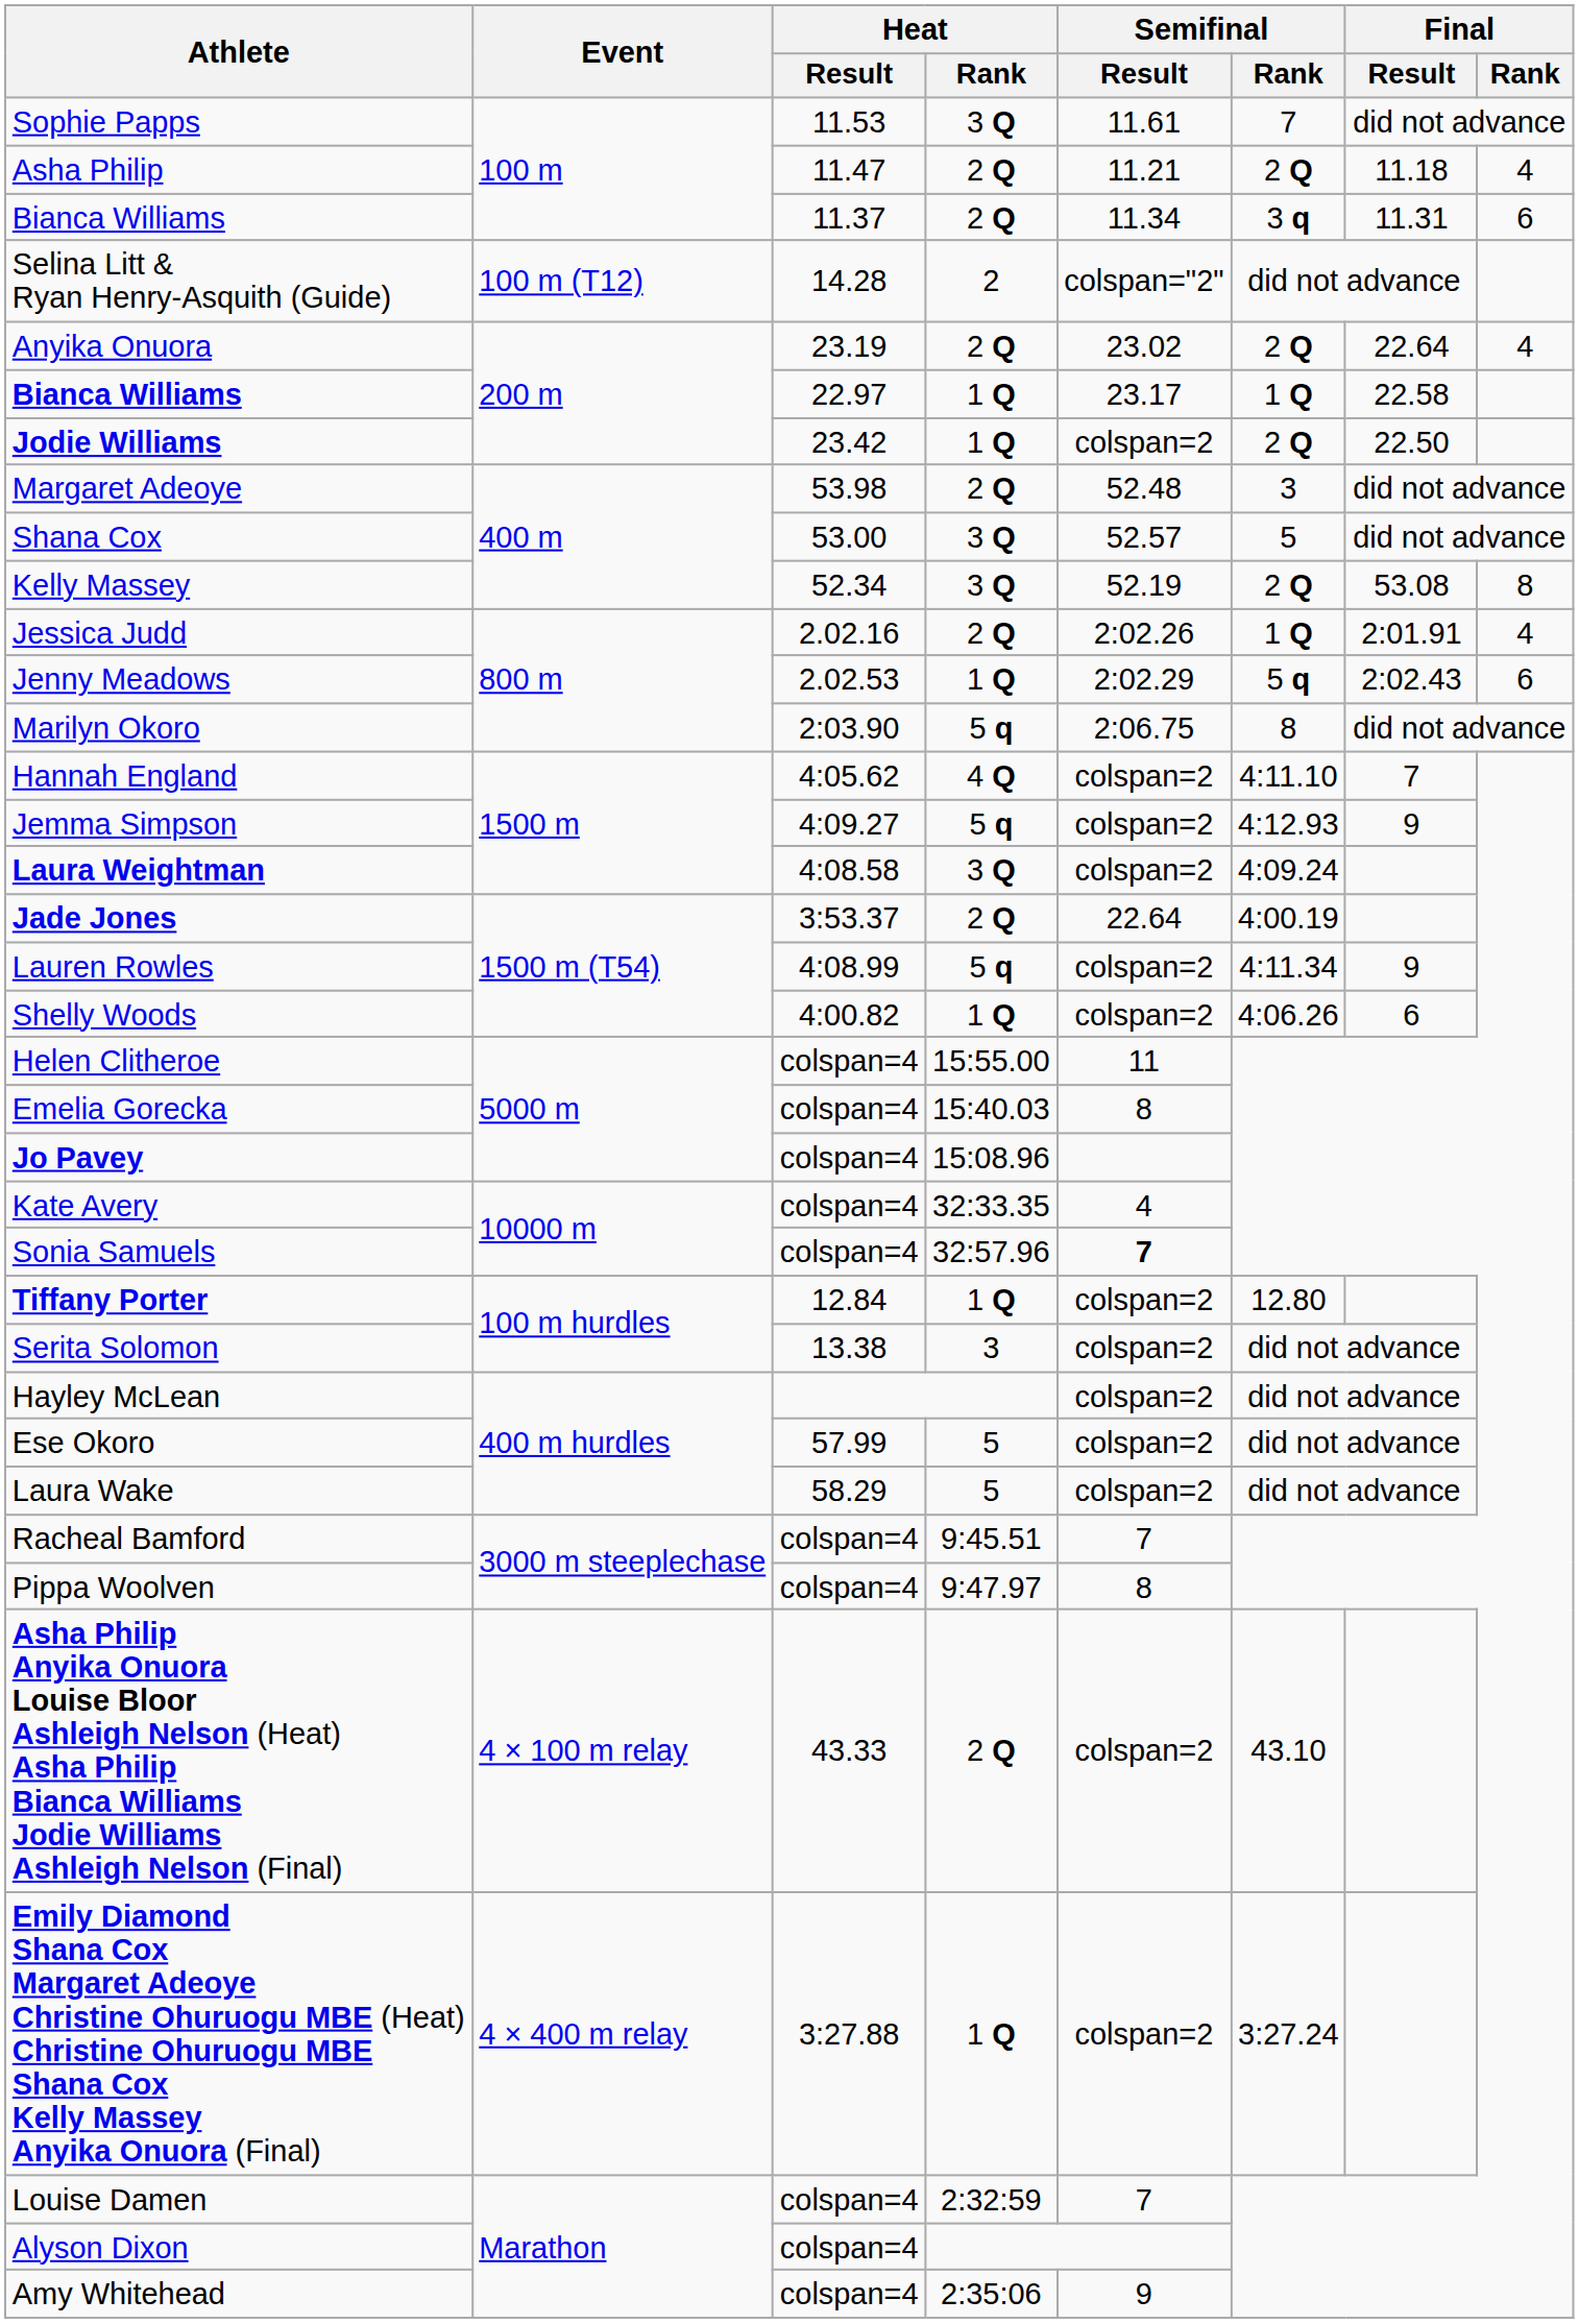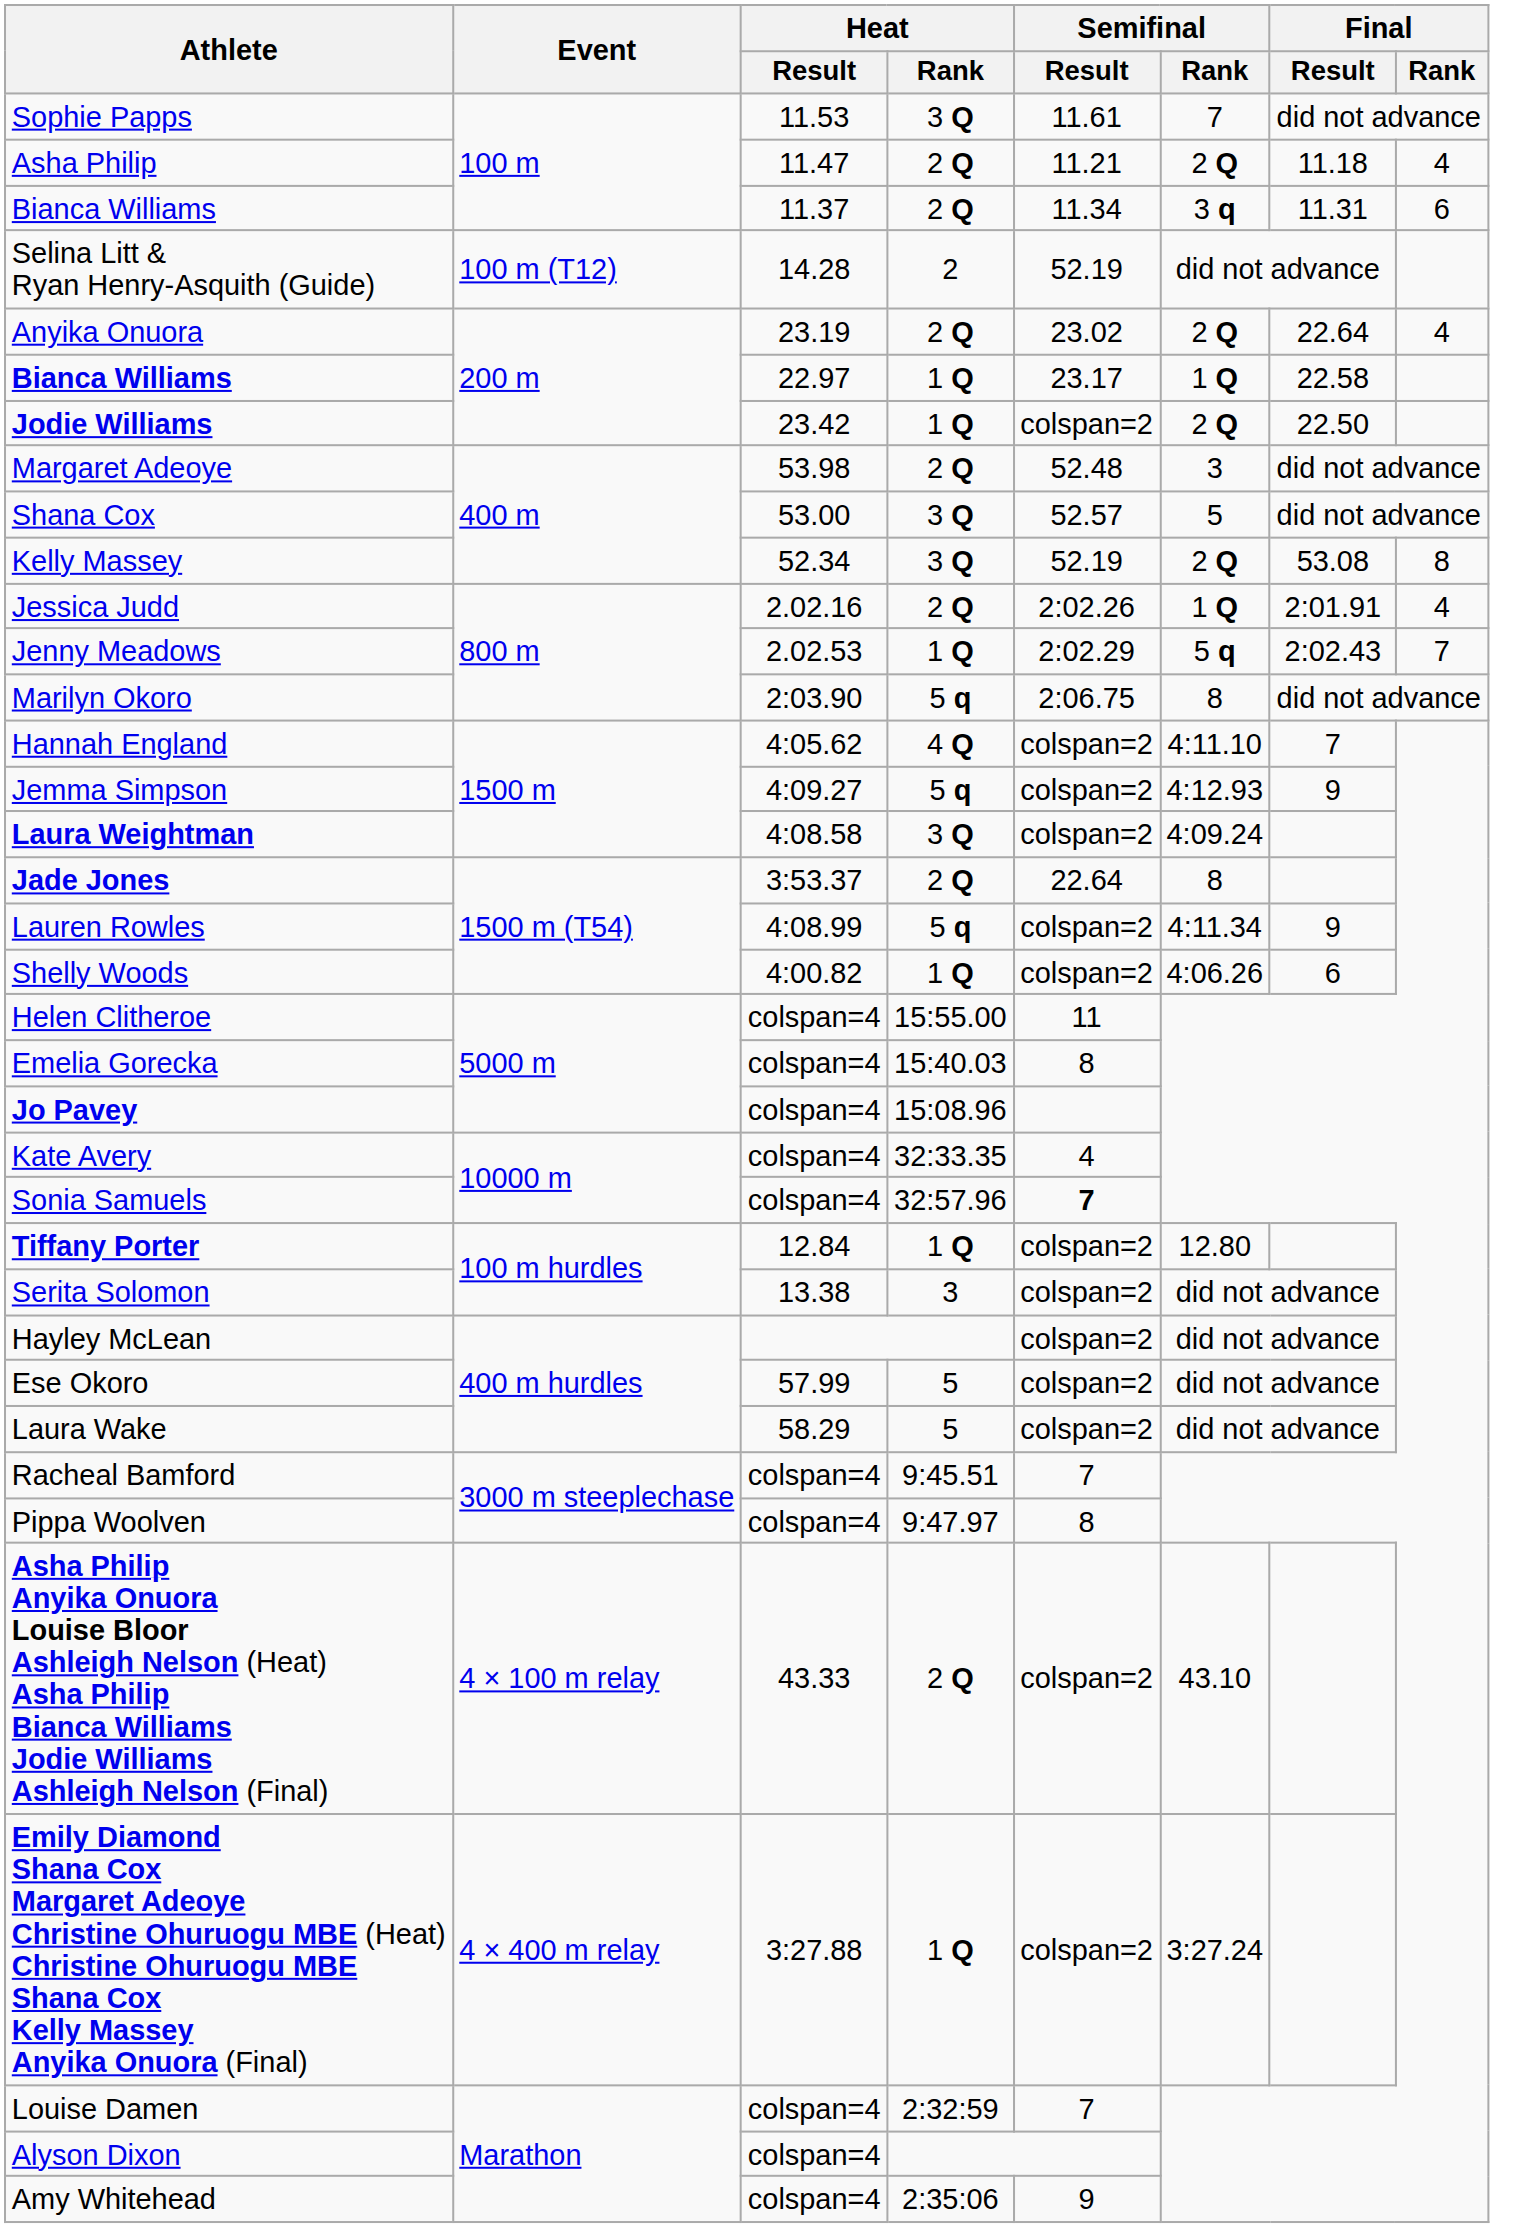 <table class="wikitable" style="font-size:90%">
 <tr>
 <th rowspan=2>Athlete</th>
 <th rowspan=2>Event</th>
 <th colspan=2>Heat</th>
 <th colspan=2>Semifinal</th>
 <th colspan=2>Final</th>
 </tr>
 <tr style="font-size:95%">
 <th>Result</th>
 <th>Rank</th>
 <th>Result</th>
 <th>Rank</th>
 <th>Result</th>
 <th>Rank</th>
 </tr>
 <tr align=center>
 <td align=left><a href='#'>Sophie Papps</a></td>
 <td style="text-align:left;" rowspan="3"><a href='#'>100 m</a></td>
 <td>11.53</td>
 <td>3 <strong>Q</strong></td>
 <td>11.61</td>
 <td>7</td>
 <td colspan=2>did not advance</td>
 </tr>
 <tr align=center>
 <td align=left><a href='#'>Asha Philip</a></td>
 <td>11.47</td>
 <td>2 <strong>Q</strong></td>
 <td>11.21</td>
 <td>2 <strong>Q</strong></td>
 <td>11.18</td>
 <td>4</td>
 </tr>
 <tr align=center>
 <td align=left><a href='#'>Bianca Williams</a></td>
 <td>11.37</td>
 <td>2 <strong>Q</strong></td>
 <td>11.34</td>
 <td>3 <strong>q</strong></td>
 <td>11.31</td>
 <td>6</td>
 </tr>
 <tr align=center>
 <td align=left>Selina Litt &<br> Ryan Henry-Asquith (Guide)</td>
 <td align=left><a href='#'>100 m (T12)</a></td>
 <td>14.28</td>
 <td>2</td>
-<td>colspan="2" </td>
+<td>52.19</td>
 <td colspan=2>did not advance</td>
 </tr>
 <tr align=center>
 <td align=left><a href='#'>Anyika Onuora</a></td>
 <td style="text-align:left;" rowspan="3"><a href='#'>200 m</a></td>
 <td>23.19</td>
 <td>2 <strong>Q</strong></td>
 <td>23.02</td>
 <td>2 <strong>Q</strong></td>
 <td>22.64</td>
 <td>4</td>
 </tr>
 <tr align=center>
 <td align=left><strong><a href='#'>Bianca Williams</a></strong></td>
 <td>22.97</td>
 <td>1 <strong>Q</strong></td>
 <td>23.17</td>
 <td>1 <strong>Q</strong></td>
 <td>22.58</td>
 <td></td>
 </tr>
 <tr align=center>
 <td align=left><strong><a href='#'>Jodie Williams</a></strong></td>
 <td>23.42</td>
 <td>1 <strong>Q</strong></td>
 <td>colspan=2 </td>
 <td>2 <strong>Q</strong></td>
 <td>22.50</td>
 <td></td>
 </tr>
 <tr align=center>
 <td align=left><a href='#'>Margaret Adeoye</a></td>
 <td style="text-align:left;" rowspan="3"><a href='#'>400 m</a></td>
 <td>53.98</td>
 <td>2 <strong>Q</strong></td>
 <td>52.48</td>
 <td>3</td>
 <td colspan=2>did not advance</td>
 </tr>
 <tr align=center>
 <td align=left><a href='#'>Shana Cox</a></td>
 <td>53.00</td>
 <td>3 <strong>Q</strong></td>
 <td>52.57</td>
 <td>5</td>
 <td colspan=2>did not advance</td>
 </tr>
 <tr align=center>
 <td align=left><a href='#'>Kelly Massey</a></td>
 <td>52.34</td>
 <td>3 <strong>Q</strong></td>
 <td>52.19</td>
 <td>2 <strong>Q</strong></td>
 <td>53.08</td>
 <td>8</td>
 </tr>
 <tr align=center>
 <td align=left><a href='#'>Jessica Judd</a></td>
 <td style="text-align:left;" rowspan="3"><a href='#'>800 m</a></td>
 <td>2.02.16</td>
 <td>2 <strong>Q</strong></td>
 <td>2:02.26</td>
 <td>1 <strong>Q</strong></td>
 <td>2:01.91</td>
 <td>4</td>
 </tr>
 <tr align=center>
 <td align=left><a href='#'>Jenny Meadows</a></td>
 <td>2.02.53</td>
 <td>1 <strong>Q</strong></td>
 <td>2:02.29</td>
 <td>5 <strong>q</strong></td>
 <td>2:02.43</td>
-<td>6</td>
+<td>7</td>
 </tr>
 <tr align=center>
 <td align=left><a href='#'>Marilyn Okoro</a></td>
 <td>2:03.90</td>
 <td>5 <strong>q</strong></td>
 <td>2:06.75</td>
 <td>8</td>
 <td colspan=2>did not advance</td>
 </tr>
 <tr align=center>
 <td align=left><a href='#'>Hannah England</a></td>
 <td style="text-align:left;" rowspan="3"><a href='#'>1500 m</a></td>
 <td>4:05.62</td>
 <td>4 <strong>Q</strong></td>
 <td>colspan=2 </td>
 <td>4:11.10</td>
 <td>7</td>
 </tr>
 <tr align=center>
 <td align=left><a href='#'>Jemma Simpson</a></td>
 <td>4:09.27</td>
 <td>5 <strong>q</strong></td>
 <td>colspan=2 </td>
 <td>4:12.93</td>
 <td>9</td>
 </tr>
 <tr align=center>
 <td align=left><strong><a href='#'>Laura Weightman</a></strong></td>
 <td>4:08.58</td>
 <td>3 <strong>Q</strong></td>
 <td>colspan=2 </td>
 <td>4:09.24</td>
 <td></td>
 </tr>
 <tr align=center>
 <td align=left><strong><a href='#'>Jade Jones</a></strong></td>
 <td style="text-align:left;" rowspan="3"><a href='#'>1500 m (T54)</a></td>
 <td>3:53.37</td>
 <td>2 <strong>Q</strong></td>
 <td>22.64</td>
-<td>4:00.19</td>
+<td>8</td>
 <td></td>
 </tr>
 <tr align=center>
 <td align=left><a href='#'>Lauren Rowles</a></td>
 <td>4:08.99</td>
 <td>5 <strong>q</strong></td>
 <td>colspan=2 </td>
 <td>4:11.34</td>
 <td>9</td>
 </tr>
 <tr align=center>
 <td align=left><a href='#'>Shelly Woods</a></td>
 <td>4:00.82</td>
 <td>1 <strong>Q</strong></td>
 <td>colspan=2 </td>
 <td>4:06.26</td>
 <td>6</td>
 </tr>
 <tr align=center>
 <td align=left><a href='#'>Helen Clitheroe</a></td>
 <td style="text-align:left;" rowspan="3"><a href='#'>5000 m</a></td>
 <td>colspan=4 </td>
 <td>15:55.00</td>
 <td>11</td>
 </tr>
 <tr align=center>
 <td align=left><a href='#'>Emelia Gorecka</a></td>
 <td>colspan=4 </td>
 <td>15:40.03</td>
 <td>8</td>
 </tr>
 <tr align=center>
 <td align=left><strong><a href='#'>Jo Pavey</a></strong></td>
 <td>colspan=4 </td>
 <td>15:08.96</td>
 <td></td>
 </tr>
 <tr align=center>
 <td align=left><a href='#'>Kate Avery</a></td>
 <td style="text-align:left;" rowspan="2"><a href='#'>10000 m</a></td>
 <td>colspan=4 </td>
 <td>32:33.35</td>
 <td>4</td>
 </tr>
 <tr align=center>
 <td align=left><a href='#'>Sonia Samuels</a></td>
 <td>colspan=4 </td>
 <td>32:57.96</td>
 <td><strong>7</strong></td>
 </tr>
 <tr align=center>
 <td align=left><strong><a href='#'>Tiffany Porter</a></strong></td>
 <td style="text-align:left;" rowspan="2"><a href='#'>100 m hurdles</a></td>
 <td>12.84</td>
 <td>1 <strong>Q</strong></td>
 <td>colspan=2 </td>
 <td>12.80</td>
 <td></td>
 </tr>
 <tr align=center>
 <td align=left><a href='#'>Serita Solomon</a></td>
 <td>13.38</td>
 <td>3</td>
 <td>colspan=2 </td>
 <td colspan=2>did not advance</td>
 </tr>
 <tr align=center>
 <td align=left>Hayley McLean</td>
 <td style="text-align:left;" rowspan="3"><a href='#'>400 m hurdles</a></td>
 <td colspan=2></td>
 <td>colspan=2 </td>
 <td colspan=2>did not advance</td>
 </tr>
 <tr align=center>
 <td align=left>Ese Okoro</td>
 <td>57.99</td>
 <td>5</td>
 <td>colspan=2 </td>
 <td colspan=2>did not advance</td>
 </tr>
 <tr align=center>
 <td align=left>Laura Wake</td>
 <td>58.29</td>
 <td>5</td>
 <td>colspan=2 </td>
 <td colspan=2>did not advance</td>
 </tr>
 <tr align=center>
 <td align=left>Racheal Bamford</td>
 <td style="text-align:left;" rowspan="2"><a href='#'>3000 m steeplechase</a></td>
 <td>colspan=4 </td>
 <td>9:45.51</td>
 <td>7</td>
 </tr>
 <tr align=center>
 <td align=left>Pippa Woolven</td>
 <td>colspan=4 </td>
 <td>9:47.97</td>
 <td>8</td>
 </tr>
 <tr align=center>
 <td align=left><strong><a href='#'>Asha Philip</a><br><a href='#'>Anyika Onuora</a><br>Louise Bloor<br><a href='#'>Ashleigh Nelson</a></strong> (Heat)<br><strong><a href='#'>Asha Philip</a><br><a href='#'>Bianca Williams</a><br><a href='#'>Jodie Williams</a><br><a href='#'>Ashleigh Nelson</a></strong> (Final)</td>
 <td align=left><a href='#'>4 × 100 m relay</a></td>
 <td>43.33</td>
 <td>2 <strong>Q</strong></td>
 <td>colspan=2 </td>
 <td>43.10</td>
 <td></td>
 </tr>
 <tr align=center>
 <td align=left><strong><a href='#'>Emily Diamond</a><br><a href='#'>Shana Cox</a><br><a href='#'>Margaret Adeoye</a><br><a href='#'>Christine Ohuruogu MBE</a></strong> (Heat)<br><strong><a href='#'>Christine Ohuruogu MBE</a><br><a href='#'>Shana Cox</a><br><a href='#'>Kelly Massey</a><br><a href='#'>Anyika Onuora</a></strong> (Final)</td>
 <td align=left><a href='#'>4 × 400 m relay</a></td>
 <td>3:27.88</td>
 <td>1 <strong>Q</strong></td>
 <td>colspan=2 </td>
 <td>3:27.24</td>
 <td></td>
 </tr>
 <tr align=center>
 <td align=left>Louise Damen</td>
 <td style="text-align:left;" rowspan="3"><a href='#'>Marathon</a></td>
 <td>colspan=4 </td>
 <td>2:32:59</td>
 <td>7</td>
 </tr>
 <tr align=center>
 <td align=left><a href='#'>Alyson Dixon</a></td>
 <td>colspan=4 </td>
 <td colspan=2></td>
 </tr>
 <tr align=center>
 <td align=left>Amy Whitehead</td>
 <td>colspan=4 </td>
 <td>2:35:06</td>
 <td>9</td>
 </tr>
 </table>
